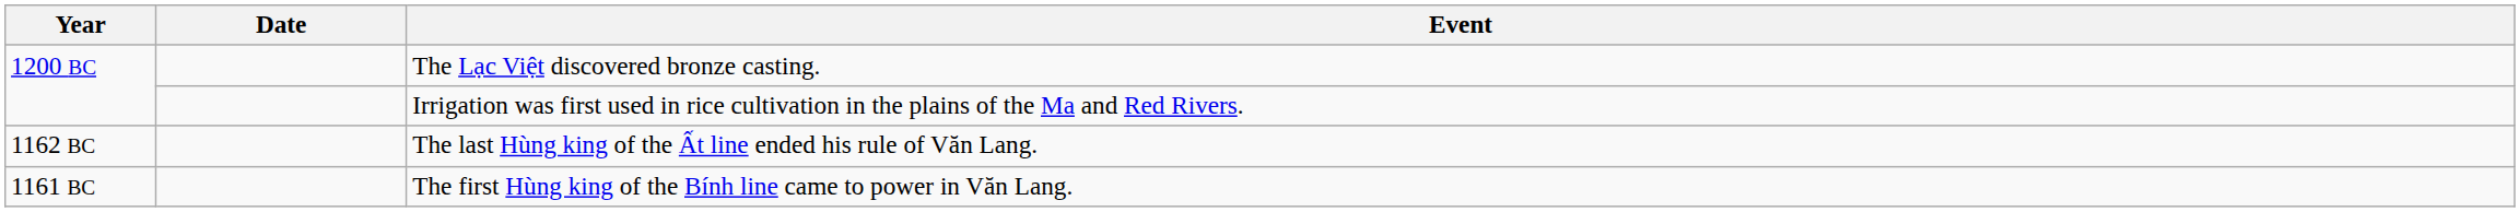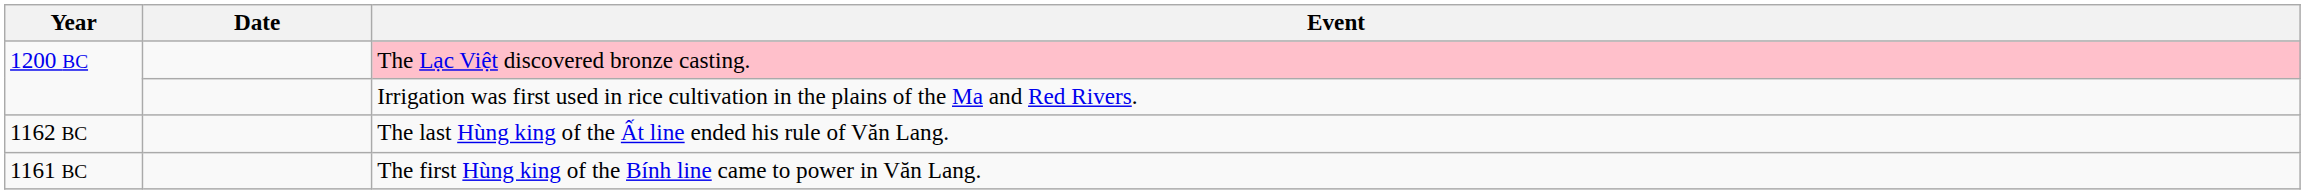 <table class="wikitable" width="100%">
 <tr>
 <th style="width:6%">Year</th>
 <th style="width:10%">Date</th>
 <th>Event</th>
 </tr>
 <tr>
 <td rowspan="2" valign="top"><a href='#'>1200 <small>BC</small></a></td>
 <td></td>
-<td>The <a href='#'>Lạc Việt</a> discovered bronze casting.</td>
+<td style="background: pink;">The <a href='#'>Lạc Việt</a> discovered bronze casting.</td>
 </tr>
 <tr>
 <td></td>
 <td>Irrigation was first used in rice cultivation in the plains of the <a href='#'>Ma</a> and <a href='#'>Red Rivers</a>.</td>
 </tr>
 <tr>
 <td>1162 <small>BC</small></td>
 <td></td>
 <td>The last <a href='#'>Hùng king</a> of the <a href='#'>Ất line</a> ended his rule of Văn Lang.</td>
 </tr>
 <tr>
 <td>1161 <small>BC</small></td>
 <td></td>
 <td>The first <a href='#'>Hùng king</a> of the <a href='#'>Bính line</a> came to power in Văn Lang.</td>
 </tr>
 </table>
